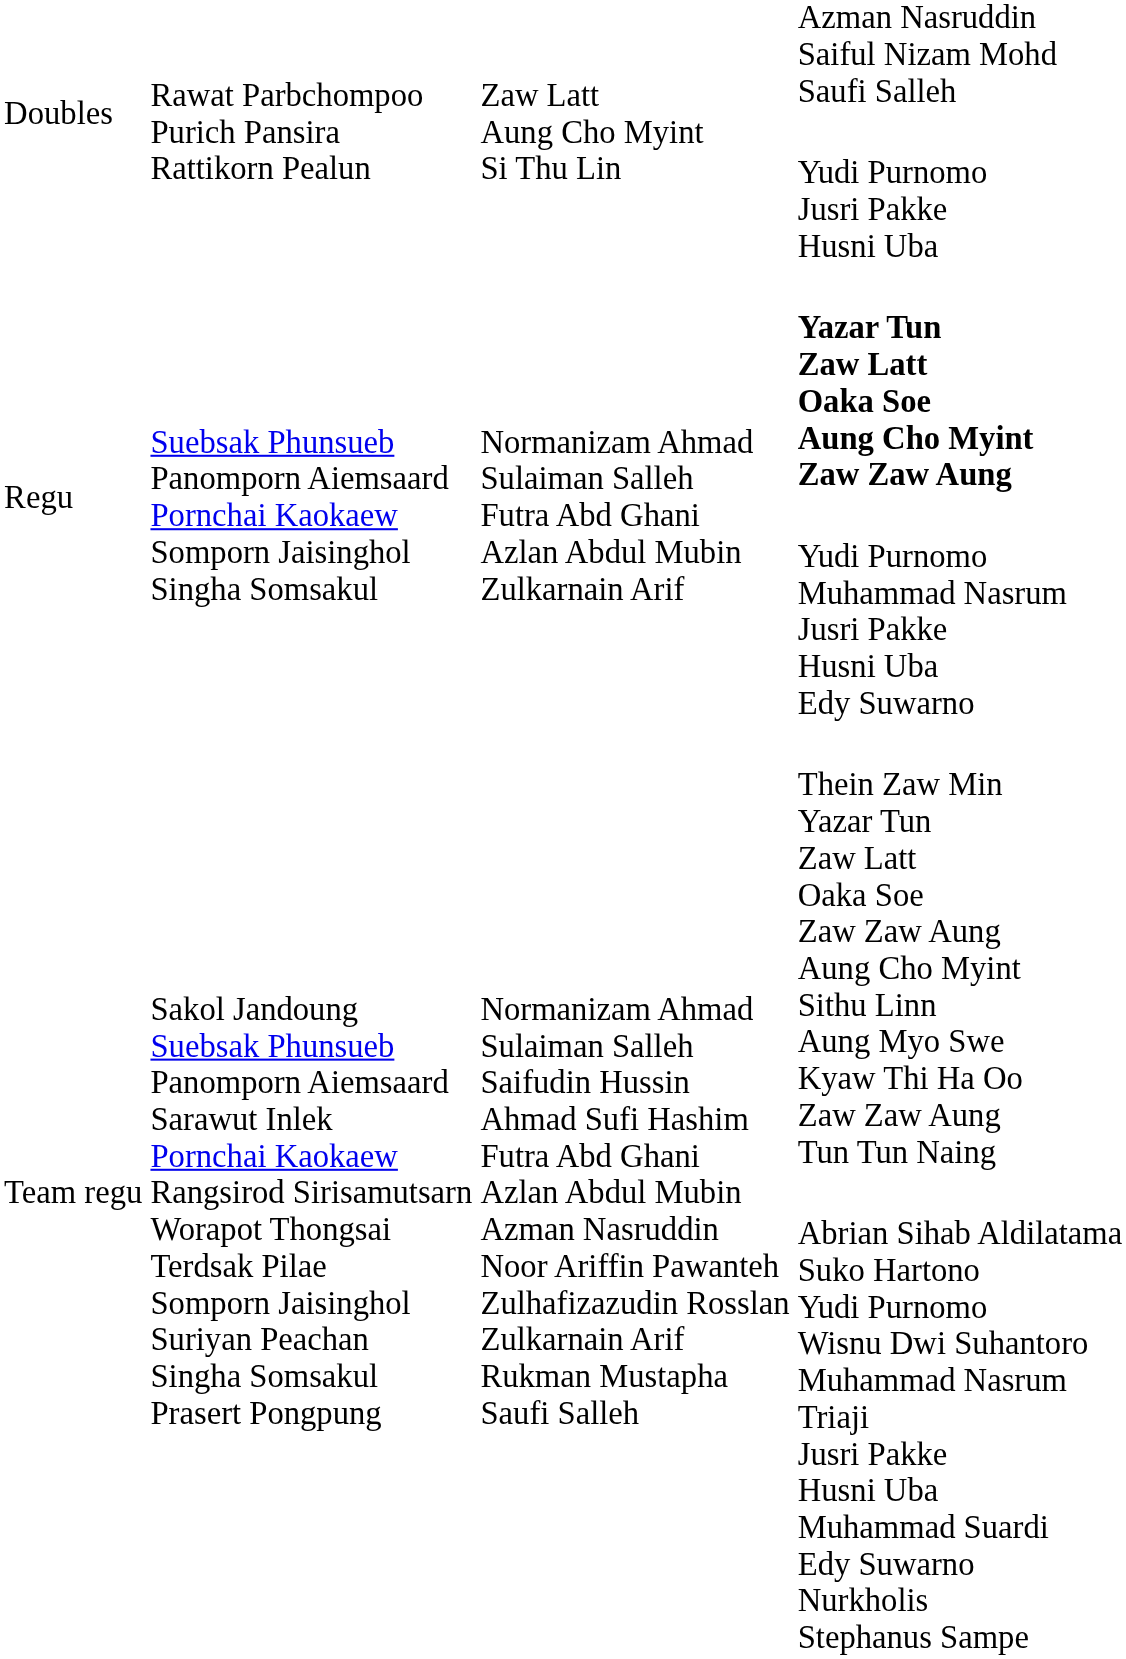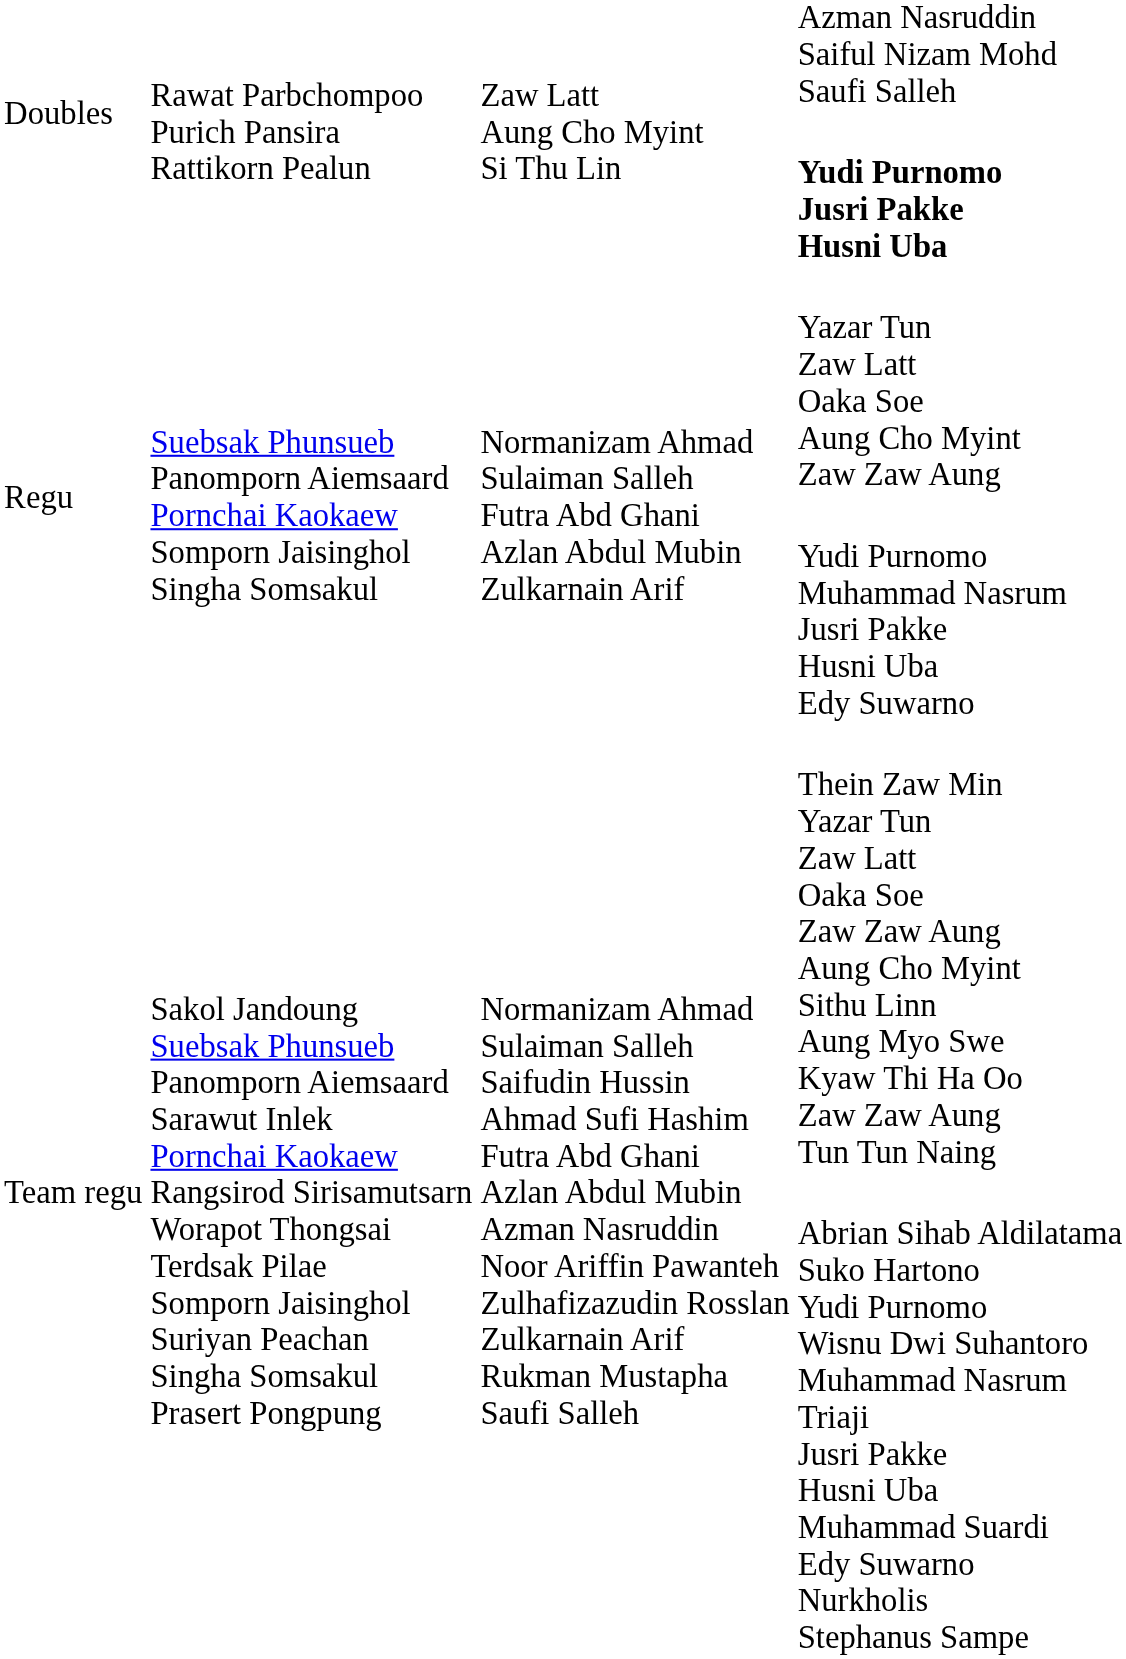 <table>
 <tr>
 <td rowspan=2>Doubles<br></td>
 <td rowspan=2><br>Rawat Parbchompoo<br>Purich Pansira<br>Rattikorn Pealun</td>
 <td rowspan=2><br>Zaw Latt<br>Aung Cho Myint<br>Si Thu Lin</td>
 <td><br>Azman Nasruddin<br>Saiful Nizam Mohd<br>Saufi Salleh</td>
 </tr>
 <tr>
-<td><br>Yudi Purnomo<br>Jusri Pakke<br>Husni Uba</td>
+<td><strong><br>Yudi Purnomo<br>Jusri Pakke<br>Husni Uba</strong></td>
 </tr>
 <tr>
 <td rowspan=2>Regu<br></td>
 <td rowspan=2><br><a href='#'>Suebsak Phunsueb</a><br>Panomporn Aiemsaard<br><a href='#'>Pornchai Kaokaew</a><br>Somporn Jaisinghol<br>Singha Somsakul</td>
 <td rowspan=2><br>Normanizam Ahmad<br>Sulaiman Salleh<br>Futra Abd Ghani<br>Azlan Abdul Mubin<br>Zulkarnain Arif</td>
-<td><strong><br>Yazar Tun<br>Zaw Latt<br>Oaka Soe<br>Aung Cho Myint<br>Zaw Zaw Aung</strong></td>
+<td><br>Yazar Tun<br>Zaw Latt<br>Oaka Soe<br>Aung Cho Myint<br>Zaw Zaw Aung</td>
 </tr>
 <tr>
 <td><br>Yudi Purnomo<br>Muhammad Nasrum<br>Jusri Pakke<br>Husni Uba<br>Edy Suwarno</td>
 </tr>
 <tr>
 <td rowspan=2>Team regu<br></td>
 <td rowspan=2><br>Sakol Jandoung<br><a href='#'>Suebsak Phunsueb</a><br>Panomporn Aiemsaard<br>Sarawut Inlek<br><a href='#'>Pornchai Kaokaew</a><br>Rangsirod Sirisamutsarn<br>Worapot Thongsai<br>Terdsak Pilae<br>Somporn Jaisinghol<br>Suriyan Peachan<br>Singha Somsakul<br>Prasert Pongpung</td>
 <td rowspan=2><br>Normanizam Ahmad<br>Sulaiman Salleh<br>Saifudin Hussin<br>Ahmad Sufi Hashim<br>Futra Abd Ghani<br>Azlan Abdul Mubin<br>Azman Nasruddin<br>Noor Ariffin Pawanteh<br>Zulhafizazudin Rosslan<br>Zulkarnain Arif<br>Rukman Mustapha<br>Saufi Salleh</td>
 <td><br>Thein Zaw Min<br>Yazar Tun<br>Zaw Latt<br>Oaka Soe<br>Zaw Zaw Aung<br>Aung Cho Myint<br>Sithu Linn<br>Aung Myo Swe<br>Kyaw Thi Ha Oo<br>Zaw Zaw Aung<br>Tun Tun Naing</td>
 </tr>
 <tr>
 <td><br>Abrian Sihab Aldilatama<br>Suko Hartono<br>Yudi Purnomo<br>Wisnu Dwi Suhantoro<br>Muhammad Nasrum<br>Triaji<br>Jusri Pakke<br>Husni Uba<br>Muhammad Suardi<br>Edy Suwarno<br>Nurkholis<br>Stephanus Sampe</td>
 </tr>
 </table>
